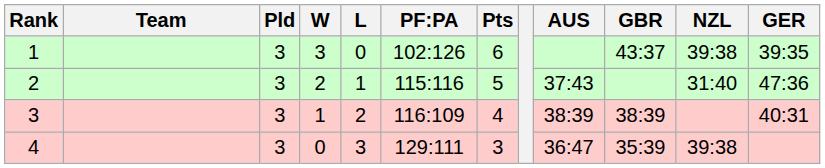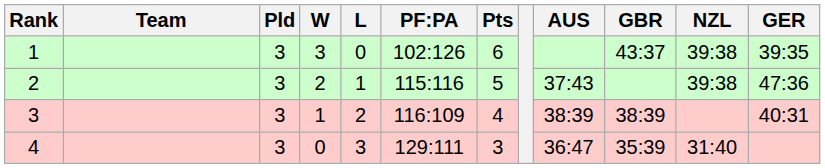 <table class="wikitable" style="text-align:center">
 <tr>
 <th width=25>Rank</th>
 <th width=150>Team</th>
 <th width=25>Pld</th>
 <th width=25>W</th>
 <th width=25>L</th>
 <th width=70>PF:PA</th>
 <th width=25>Pts</th>
 <th rowspan="5"> </th>
 <th width=50>AUS</th>
 <th width=50>GBR</th>
 <th width=50>NZL</th>
 <th width=50>GER</th>
 </tr>
 <tr style="background:#ccffcc;">
 <td>1</td>
 <td align=left></td>
 <td>3</td>
 <td>3</td>
 <td>0</td>
 <td>102:126</td>
 <td>6</td>
 <td></td>
 <td>43:37</td>
 <td>39:38</td>
 <td>39:35</td>
 </tr>
 <tr style="background:#ccffcc;">
 <td>2</td>
 <td align=left></td>
 <td>3</td>
 <td>2</td>
 <td>1</td>
 <td>115:116</td>
 <td>5</td>
 <td>37:43</td>
 <td></td>
-<td>31:40</td>
+<td>39:38</td>
 <td>47:36</td>
 </tr>
 <tr style="background:#ffcccc;">
 <td>3</td>
 <td align=left></td>
 <td>3</td>
 <td>1</td>
 <td>2</td>
 <td>116:109</td>
 <td>4</td>
 <td>38:39</td>
 <td>38:39</td>
 <td></td>
 <td>40:31</td>
 </tr>
 <tr style="background:#ffcccc;">
 <td>4</td>
 <td align=left></td>
 <td>3</td>
 <td>0</td>
 <td>3</td>
 <td>129:111</td>
 <td>3</td>
 <td>36:47</td>
 <td>35:39</td>
-<td>39:38</td>
+<td>31:40</td>
 <td></td>
 </tr>
 </table>
